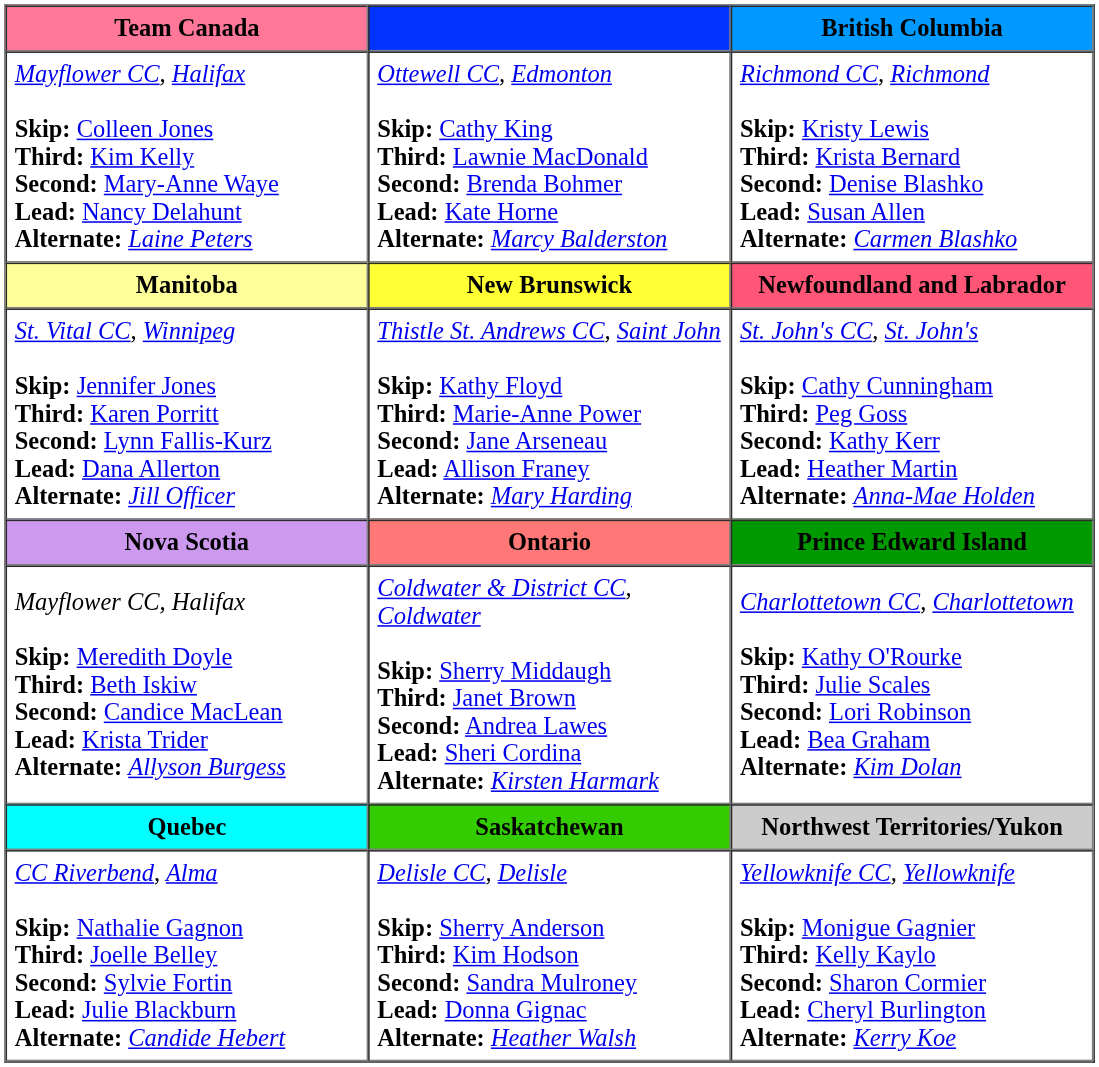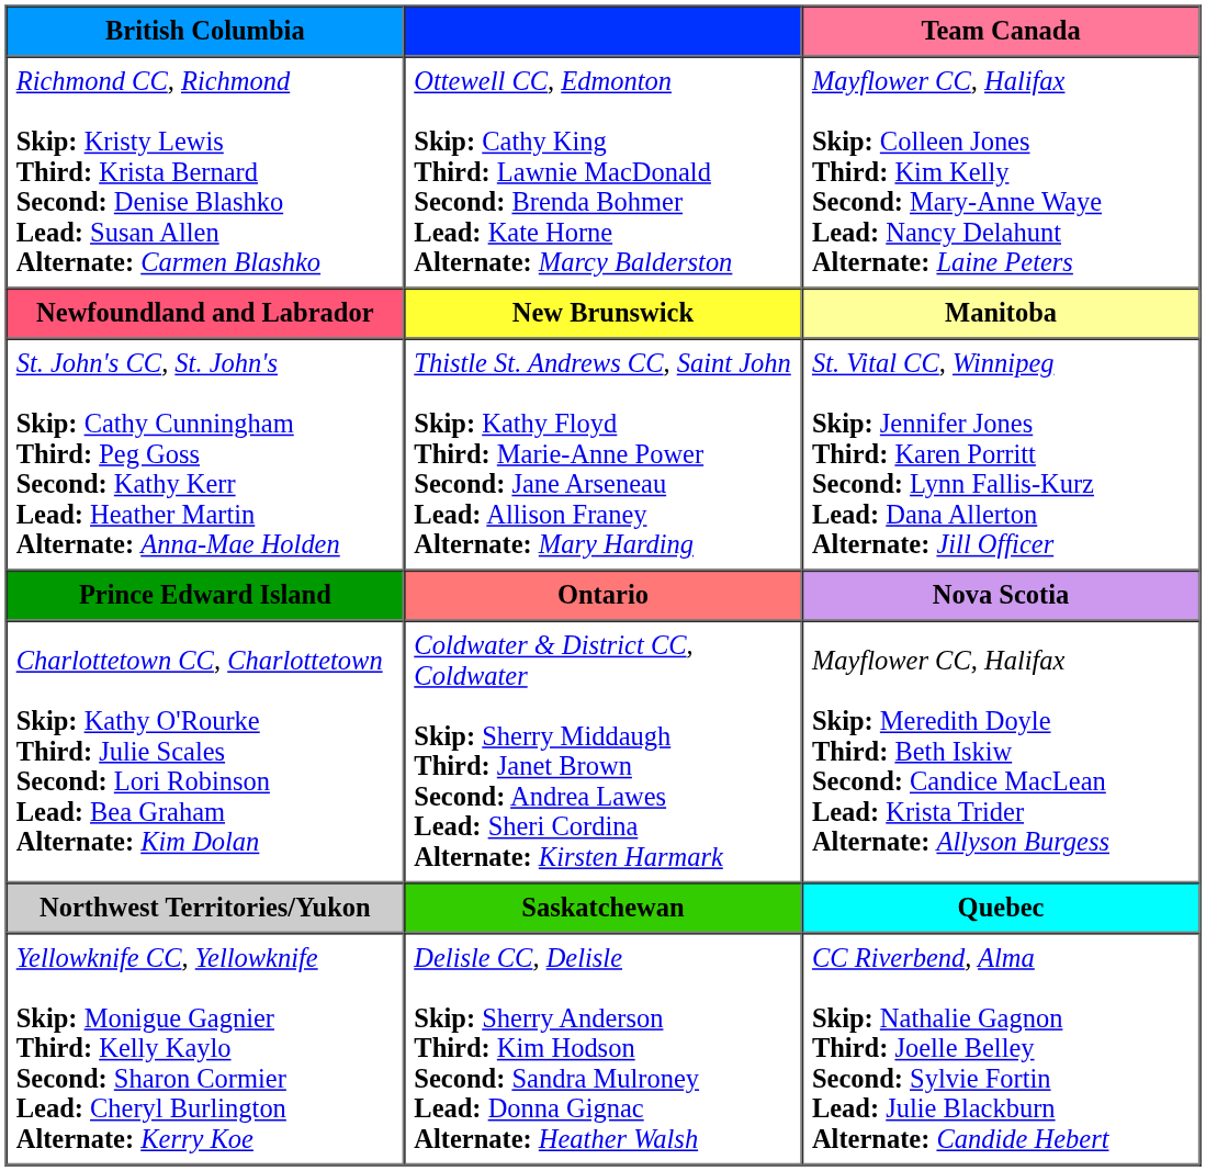 <table border=1 cellpadding=5 cellspacing=0>
 <tr>
+<th bgcolor="#0099ff" width="225">British Columbia</th>
+<th bgcolor="#0033ff" width="225"></th>
 <th bgcolor="#ff7799" width="225">Team Canada</th>
-<th bgcolor="#0033ff" width="225"></th>
-<th bgcolor="#0099ff" width="225">British Columbia</th>
 </tr>
 <tr align=center>
+<td align=left><em><a href='#'>Richmond CC</a>, <a href='#'>Richmond</a></em><br><br><strong>Skip:</strong> <a href='#'>Kristy Lewis</a><br> <strong>Third:</strong> <a href='#'>Krista Bernard</a><br> <strong>Second:</strong> <a href='#'>Denise Blashko</a><br> <strong>Lead:</strong> <a href='#'>Susan Allen</a><br> <strong>Alternate:</strong> <em><a href='#'>Carmen Blashko</a></em></td>
+<td align=left><em><a href='#'>Ottewell CC</a>, <a href='#'>Edmonton</a></em><br><br><strong>Skip:</strong> <a href='#'>Cathy King</a><br> <strong>Third:</strong> <a href='#'>Lawnie MacDonald</a><br> <strong>Second:</strong> <a href='#'>Brenda Bohmer</a><br> <strong>Lead:</strong> <a href='#'>Kate Horne</a><br> <strong>Alternate:</strong> <em><a href='#'>Marcy Balderston</a></em></td>
 <td align=left><em><a href='#'>Mayflower CC</a>, <a href='#'>Halifax</a></em><br><br><strong>Skip:</strong> <a href='#'>Colleen Jones</a><br> <strong>Third:</strong> <a href='#'>Kim Kelly</a><br> <strong>Second:</strong> <a href='#'>Mary-Anne Waye</a><br> <strong>Lead:</strong> <a href='#'>Nancy Delahunt</a><br> <strong>Alternate:</strong> <em><a href='#'>Laine Peters</a></em></td>
-<td align=left><em><a href='#'>Ottewell CC</a>, <a href='#'>Edmonton</a></em><br><br><strong>Skip:</strong> <a href='#'>Cathy King</a><br> <strong>Third:</strong> <a href='#'>Lawnie MacDonald</a><br> <strong>Second:</strong> <a href='#'>Brenda Bohmer</a><br> <strong>Lead:</strong> <a href='#'>Kate Horne</a><br> <strong>Alternate:</strong> <em><a href='#'>Marcy Balderston</a></em></td>
-<td align=left><em><a href='#'>Richmond CC</a>, <a href='#'>Richmond</a></em><br><br><strong>Skip:</strong> <a href='#'>Kristy Lewis</a><br> <strong>Third:</strong> <a href='#'>Krista Bernard</a><br> <strong>Second:</strong> <a href='#'>Denise Blashko</a><br> <strong>Lead:</strong> <a href='#'>Susan Allen</a><br> <strong>Alternate:</strong> <em><a href='#'>Carmen Blashko</a></em></td>
 </tr>
 <tr border=1 cellpadding=5 cellspacing=0>
+<th bgcolor="#ff5577" width="200">Newfoundland and Labrador</th>
+<th bgcolor="#ffff33" width="200">New Brunswick</th>
 <th bgcolor="#ffff99" width="200">Manitoba</th>
-<th bgcolor="#ffff33" width="200">New Brunswick</th>
-<th bgcolor="#ff5577" width="200">Newfoundland and Labrador</th>
 </tr>
 <tr align=center>
+<td align=left><em><a href='#'>St. John's CC</a>, <a href='#'>St. John's</a></em><br><br><strong>Skip:</strong> <a href='#'>Cathy Cunningham</a> <br> <strong>Third:</strong> <a href='#'>Peg Goss</a><br> <strong>Second:</strong> <a href='#'>Kathy Kerr</a><br> <strong>Lead:</strong> <a href='#'>Heather Martin</a><br> <strong>Alternate:</strong> <em><a href='#'>Anna-Mae Holden</a></em></td>
+<td align=left><em><a href='#'>Thistle St. Andrews CC</a>, <a href='#'>Saint John</a></em><br><br><strong>Skip:</strong> <a href='#'>Kathy Floyd</a><br> <strong>Third:</strong> <a href='#'>Marie-Anne Power</a><br> <strong>Second:</strong> <a href='#'>Jane Arseneau</a><br> <strong>Lead:</strong> <a href='#'>Allison Franey</a><br> <strong>Alternate:</strong> <em><a href='#'>Mary Harding</a></em></td>
 <td align=left><em><a href='#'>St. Vital CC</a>, <a href='#'>Winnipeg</a></em><br><br><strong>Skip:</strong> <a href='#'>Jennifer Jones</a><br> <strong>Third:</strong> <a href='#'>Karen Porritt</a><br> <strong>Second:</strong> <a href='#'>Lynn Fallis-Kurz</a><br> <strong>Lead:</strong> <a href='#'>Dana Allerton</a><br> <strong>Alternate:</strong> <em><a href='#'>Jill Officer</a></em></td>
-<td align=left><em><a href='#'>Thistle St. Andrews CC</a>, <a href='#'>Saint John</a></em><br><br><strong>Skip:</strong> <a href='#'>Kathy Floyd</a><br> <strong>Third:</strong> <a href='#'>Marie-Anne Power</a><br> <strong>Second:</strong> <a href='#'>Jane Arseneau</a><br> <strong>Lead:</strong> <a href='#'>Allison Franey</a><br> <strong>Alternate:</strong> <em><a href='#'>Mary Harding</a></em></td>
-<td align=left><em><a href='#'>St. John's CC</a>, <a href='#'>St. John's</a></em><br><br><strong>Skip:</strong> <a href='#'>Cathy Cunningham</a> <br> <strong>Third:</strong> <a href='#'>Peg Goss</a><br> <strong>Second:</strong> <a href='#'>Kathy Kerr</a><br> <strong>Lead:</strong> <a href='#'>Heather Martin</a><br> <strong>Alternate:</strong> <em><a href='#'>Anna-Mae Holden</a></em></td>
 </tr>
 <tr border=1 cellpadding=5 cellspacing=0>
+<th bgcolor="#009900" width="200">Prince Edward Island</th>
+<th bgcolor="#ff7777" width="200">Ontario</th>
 <th bgcolor="#cc99ee" width="200">Nova Scotia</th>
-<th bgcolor="#ff7777" width="200">Ontario</th>
-<th bgcolor="#009900" width="200">Prince Edward Island</th>
 </tr>
 <tr align=center>
+<td align=left><em><a href='#'>Charlottetown CC</a>, <a href='#'>Charlottetown</a></em><br><br><strong>Skip:</strong> <a href='#'>Kathy O'Rourke</a><br> <strong>Third:</strong> <a href='#'>Julie Scales</a><br> <strong>Second:</strong> <a href='#'>Lori Robinson</a><br> <strong>Lead:</strong> <a href='#'>Bea Graham</a><br> <strong>Alternate:</strong> <em><a href='#'>Kim Dolan</a></em></td>
+<td align=left><em><a href='#'>Coldwater & District CC</a>, <a href='#'>Coldwater</a></em><br><br><strong>Skip:</strong> <a href='#'>Sherry Middaugh</a><br> <strong>Third:</strong> <a href='#'>Janet Brown</a><br> <strong>Second:</strong> <a href='#'>Andrea Lawes</a><br> <strong>Lead:</strong> <a href='#'>Sheri Cordina</a><br> <strong>Alternate:</strong> <em><a href='#'>Kirsten Harmark</a></em></td>
 <td align=left><em>Mayflower CC, Halifax</em><br><br><strong>Skip:</strong> <a href='#'>Meredith Doyle</a><br> <strong>Third:</strong> <a href='#'>Beth Iskiw</a><br> <strong>Second:</strong> <a href='#'>Candice MacLean</a><br> <strong>Lead:</strong> <a href='#'>Krista Trider</a><br> <strong>Alternate:</strong> <em><a href='#'>Allyson Burgess</a></em></td>
-<td align=left><em><a href='#'>Coldwater & District CC</a>, <a href='#'>Coldwater</a></em><br><br><strong>Skip:</strong> <a href='#'>Sherry Middaugh</a><br> <strong>Third:</strong> <a href='#'>Janet Brown</a><br> <strong>Second:</strong> <a href='#'>Andrea Lawes</a><br> <strong>Lead:</strong> <a href='#'>Sheri Cordina</a><br> <strong>Alternate:</strong> <em><a href='#'>Kirsten Harmark</a></em></td>
-<td align=left><em><a href='#'>Charlottetown CC</a>, <a href='#'>Charlottetown</a></em><br><br><strong>Skip:</strong> <a href='#'>Kathy O'Rourke</a><br> <strong>Third:</strong> <a href='#'>Julie Scales</a><br> <strong>Second:</strong> <a href='#'>Lori Robinson</a><br> <strong>Lead:</strong> <a href='#'>Bea Graham</a><br> <strong>Alternate:</strong> <em><a href='#'>Kim Dolan</a></em></td>
 </tr>
 <tr border=1 cellpadding=5 cellspacing=0>
+<th bgcolor="#cccccc" width="200">Northwest Territories/Yukon</th>
+<th bgcolor="#33cc00" width="200">Saskatchewan</th>
 <th bgcolor="#00ffff" width="200">Quebec</th>
-<th bgcolor="#33cc00" width="200">Saskatchewan</th>
-<th bgcolor="#cccccc" width="200">Northwest Territories/Yukon</th>
 </tr>
 <tr align=center>
+<td align=left><em><a href='#'>Yellowknife CC</a>, <a href='#'>Yellowknife</a></em><br><br><strong>Skip:</strong> <a href='#'>Monigue Gagnier</a><br> <strong>Third:</strong> <a href='#'>Kelly Kaylo</a><br> <strong>Second:</strong> <a href='#'>Sharon Cormier</a><br> <strong>Lead:</strong> <a href='#'>Cheryl Burlington</a><br> <strong>Alternate:</strong> <em><a href='#'>Kerry Koe</a></em></td>
+<td align=left><em><a href='#'>Delisle CC</a>, <a href='#'>Delisle</a></em><br><br><strong>Skip:</strong> <a href='#'>Sherry Anderson</a><br> <strong>Third:</strong> <a href='#'>Kim Hodson</a><br> <strong>Second:</strong> <a href='#'>Sandra Mulroney</a><br> <strong>Lead:</strong> <a href='#'>Donna Gignac</a><br> <strong>Alternate:</strong> <em><a href='#'>Heather Walsh</a></em></td>
 <td align=left><em><a href='#'>CC Riverbend</a>, <a href='#'>Alma</a></em><br><br><strong>Skip:</strong> <a href='#'>Nathalie Gagnon</a><br> <strong>Third:</strong> <a href='#'>Joelle Belley</a><br> <strong>Second:</strong> <a href='#'>Sylvie Fortin</a><br> <strong>Lead:</strong> <a href='#'>Julie Blackburn</a><br> <strong>Alternate:</strong> <em><a href='#'>Candide Hebert</a></em></td>
-<td align=left><em><a href='#'>Delisle CC</a>, <a href='#'>Delisle</a></em><br><br><strong>Skip:</strong> <a href='#'>Sherry Anderson</a><br> <strong>Third:</strong> <a href='#'>Kim Hodson</a><br> <strong>Second:</strong> <a href='#'>Sandra Mulroney</a><br> <strong>Lead:</strong> <a href='#'>Donna Gignac</a><br> <strong>Alternate:</strong> <em><a href='#'>Heather Walsh</a></em></td>
-<td align=left><em><a href='#'>Yellowknife CC</a>, <a href='#'>Yellowknife</a></em><br><br><strong>Skip:</strong> <a href='#'>Monigue Gagnier</a><br> <strong>Third:</strong> <a href='#'>Kelly Kaylo</a><br> <strong>Second:</strong> <a href='#'>Sharon Cormier</a><br> <strong>Lead:</strong> <a href='#'>Cheryl Burlington</a><br> <strong>Alternate:</strong> <em><a href='#'>Kerry Koe</a></em></td>
 </tr>
 </table>
